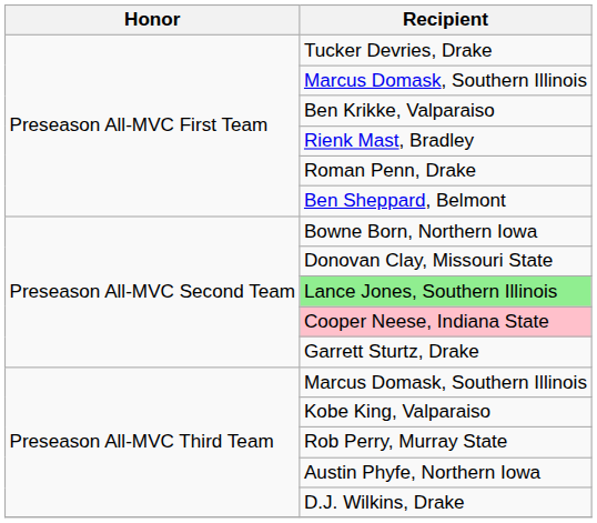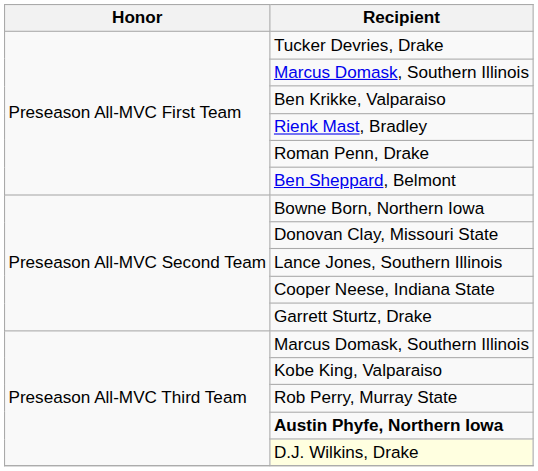 <table class="wikitable" border="1">
 <tr>
 <th>Honor</th>
 <th>Recipient</th>
 </tr>
 <tr>
 <td rowspan=6 valign=middle>Preseason All-MVC First Team</td>
 <td>Tucker Devries, Drake</td>
 </tr>
 <tr>
 <td><a href='#'>Marcus Domask</a>, Southern Illinois</td>
 </tr>
 <tr>
 <td>Ben Krikke, Valparaiso</td>
 </tr>
 <tr>
 <td><a href='#'>Rienk Mast</a>, Bradley</td>
 </tr>
 <tr>
 <td>Roman Penn, Drake</td>
 </tr>
 <tr>
 <td><a href='#'>Ben Sheppard</a>, Belmont</td>
 </tr>
 <tr>
 <td rowspan=5 valign=middle>Preseason All-MVC Second Team</td>
 <td>Bowne Born, Northern Iowa</td>
 </tr>
 <tr>
 <td>Donovan Clay, Missouri State</td>
 </tr>
 <tr>
-<td style="background: lightgreen;">Lance Jones, Southern Illinois</td>
+<td>Lance Jones, Southern Illinois</td>
 </tr>
 <tr>
-<td style="background: pink;">Cooper Neese, Indiana State</td>
+<td>Cooper Neese, Indiana State</td>
 </tr>
 <tr>
 <td>Garrett Sturtz, Drake</td>
 </tr>
 <tr>
 <td rowspan=5 valign=middle>Preseason All-MVC Third Team</td>
 <td>Marcus Domask, Southern Illinois</td>
 </tr>
 <tr>
 <td>Kobe King, Valparaiso</td>
 </tr>
 <tr>
 <td>Rob Perry, Murray State</td>
 </tr>
 <tr>
-<td>Austin Phyfe, Northern Iowa</td>
+<td><strong>Austin Phyfe, Northern Iowa</strong></td>
 </tr>
 <tr>
-<td>D.J. Wilkins, Drake</td>
+<td style="background: lightyellow;">D.J. Wilkins, Drake</td>
 </tr>
 <tr>
 </tr>
 </table>
